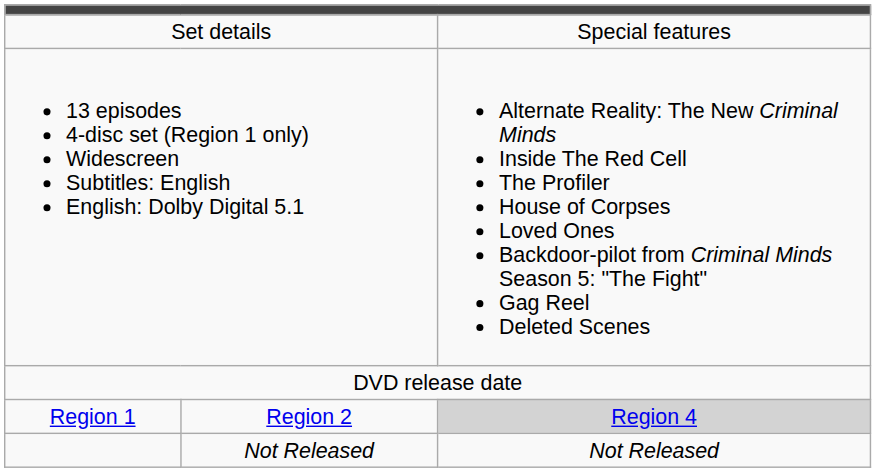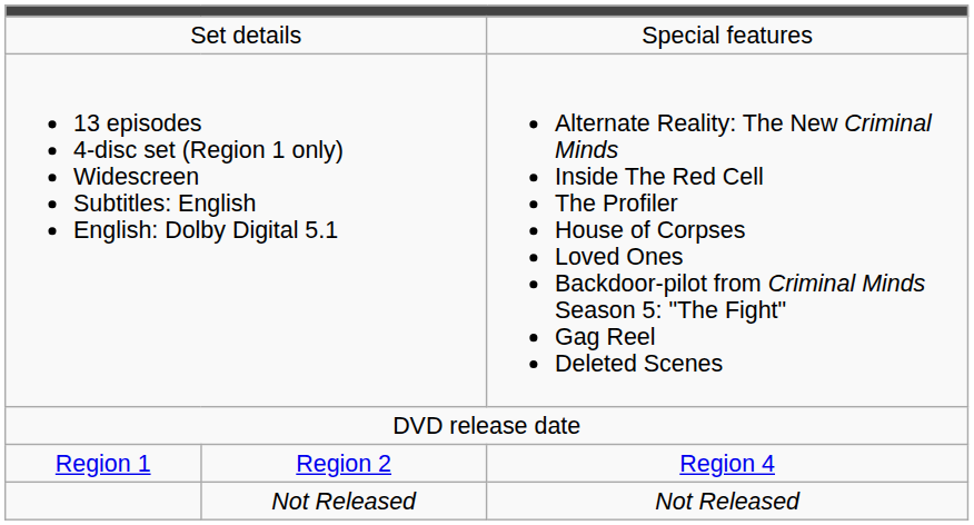 <table class="wikitable" style="font-size: 95%;">
 <tr style="background:#444444">
 <td colspan="4" style="text-align:center;"></td>
 </tr>
 <tr style="text-align:center;">
 <td style="width:300px;" colspan="2">Set details</td>
 <td style="width:300px;" colspan="2">Special features</td>
 </tr>
 <tr valign="top">
 <td colspan="2"  style="text-align:left; width:300px;"><br><ul><li>13 episodes</li><li>4-disc set (Region 1 only)</li><li>Widescreen</li><li>Subtitles: English</li><li>English: Dolby Digital 5.1</li></ul></td>
 <td colspan="3" style="text-align:left; width:300px;"><br><ul><li>Alternate Reality: The New <em>Criminal Minds</em></li><li>Inside The Red Cell</li><li>The Profiler</li><li>House of Corpses</li><li>Loved Ones</li><li>Backdoor-pilot from <em>Criminal Minds</em> Season 5: "The Fight"</li><li>Gag Reel</li><li>Deleted Scenes</li></ul></td>
 </tr>
 <tr>
 <td colspan="3" style="text-align:center;">DVD release date</td>
 </tr>
 <tr style="text-align:center;">
 <td><a href='#'>Region 1</a></td>
 <td><a href='#'>Region 2</a></td>
-<td style="background: lightgrey;"><a href='#'>Region 4</a></td>
+<td><a href='#'>Region 4</a></td>
 </tr>
 <tr style="text-align:center;">
 <td></td>
 <td><em>Not Released</em></td>
 <td><em>Not Released</em></td>
 </tr>
 </table>
